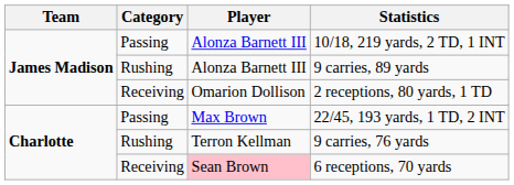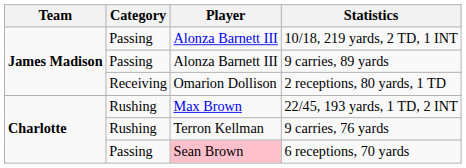 <table class="wikitable" style="float: right;">
 <tr>
 <th>Team</th>
 <th>Category</th>
 <th>Player</th>
 <th>Statistics</th>
 </tr>
 <tr>
 <td rowspan=3><strong>James Madison</strong></td>
 <td>Passing</td>
 <td><a href='#'>Alonza Barnett III</a></td>
 <td>10/18, 219 yards, 2 TD, 1 INT</td>
 </tr>
 <tr>
-<td>Rushing</td>
+<td>Passing</td>
 <td>Alonza Barnett III</td>
 <td>9 carries, 89 yards</td>
 </tr>
 <tr>
 <td>Receiving</td>
 <td>Omarion Dollison</td>
 <td>2 receptions, 80 yards, 1 TD</td>
 </tr>
 <tr>
 <td rowspan=3><strong>Charlotte</strong></td>
-<td>Passing</td>
+<td>Rushing</td>
 <td><a href='#'>Max Brown</a></td>
 <td>22/45, 193 yards, 1 TD, 2 INT</td>
 </tr>
 <tr>
 <td>Rushing</td>
 <td>Terron Kellman</td>
 <td>9 carries, 76 yards</td>
 </tr>
 <tr>
-<td>Receiving</td>
+<td>Passing</td>
 <td style="background: pink;">Sean Brown</td>
 <td>6 receptions, 70 yards</td>
 </tr>
 </table>
